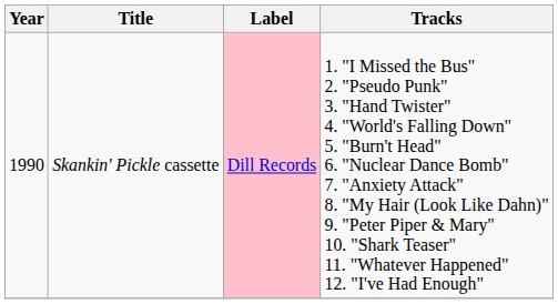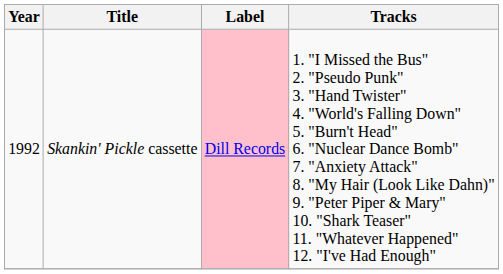 <table class="wikitable">
 <tr>
 <th><strong>Year</strong></th>
 <th><strong>Title</strong></th>
 <th><strong>Label</strong></th>
 <th><strong>Tracks</strong></th>
 </tr>
 <tr>
-<td>1990</td>
+<td>1992</td>
 <td><em>Skankin' Pickle</em> cassette</td>
 <td style="background: pink;"><a href='#'>Dill Records</a></td>
 <td><br> 1. "I Missed the Bus"<br> 2. "Pseudo Punk"<br> 3. "Hand Twister"<br> 4. "World's Falling Down"<br> 5. "Burn't Head"<br> 6. "Nuclear Dance Bomb"<br>  7. "Anxiety Attack"<br> 8. "My Hair (Look Like Dahn)"<br> 9. "Peter Piper & Mary"<br> 10. "Shark Teaser"<br> 11. "Whatever Happened"<br> 12. "I've Had Enough"  </td>
 </tr>
 <tr>
 </tr>
 </table>
